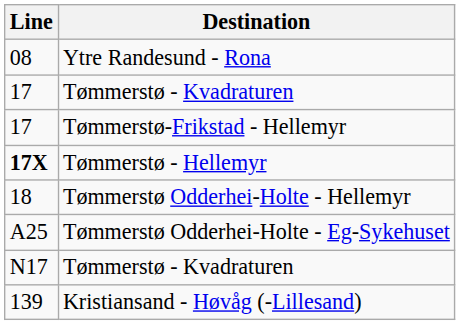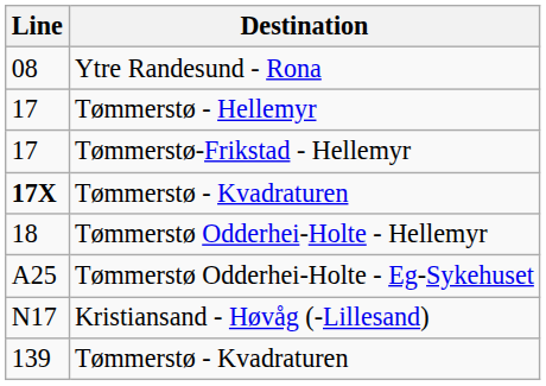 <table class="wikitable sortable">
 <tr>
 <th>Line</th>
 <th>Destination</th>
 </tr>
 <tr>
 <td>08</td>
 <td>Ytre Randesund - <a href='#'>Rona</a></td>
 </tr>
 <tr>
 <td>17</td>
-<td>Tømmerstø - <a href='#'>Kvadraturen</a></td>
+<td>Tømmerstø - <a href='#'>Hellemyr</a></td>
 </tr>
 <tr>
 <td>17</td>
 <td>Tømmerstø-<a href='#'>Frikstad</a> - Hellemyr</td>
 </tr>
 <tr>
 <td><strong>17X</strong></td>
-<td>Tømmerstø - <a href='#'>Hellemyr</a></td>
+<td>Tømmerstø - <a href='#'>Kvadraturen</a></td>
 </tr>
 <tr>
 <td>18</td>
 <td>Tømmerstø <a href='#'>Odderhei</a>-<a href='#'>Holte</a> - Hellemyr</td>
 </tr>
 <tr>
 <td>A25</td>
 <td>Tømmerstø Odderhei-Holte - <a href='#'>Eg</a>-<a href='#'>Sykehuset</a></td>
 </tr>
 <tr>
 <td>N17</td>
-<td>Tømmerstø - Kvadraturen</td>
+<td>Kristiansand - <a href='#'>Høvåg</a> (-<a href='#'>Lillesand</a>)</td>
 </tr>
 <tr>
 <td>139</td>
-<td>Kristiansand - <a href='#'>Høvåg</a> (-<a href='#'>Lillesand</a>)</td>
+<td>Tømmerstø - Kvadraturen</td>
 </tr>
 </table>
